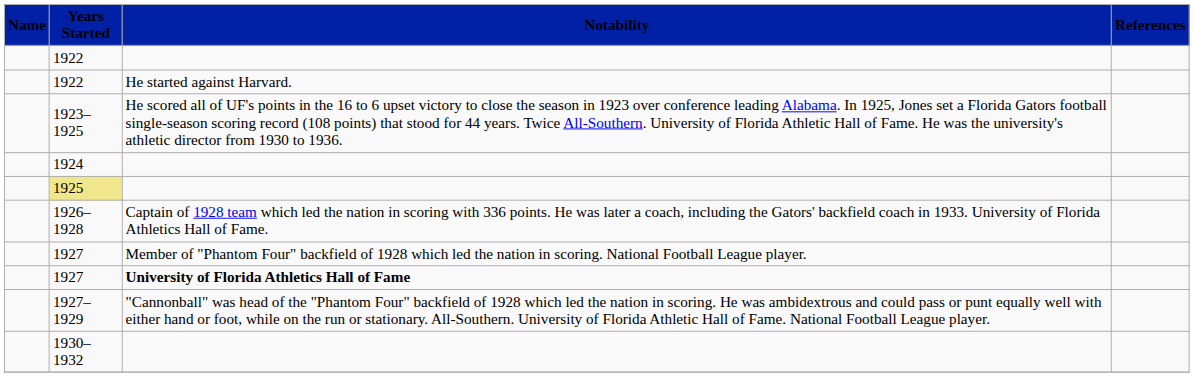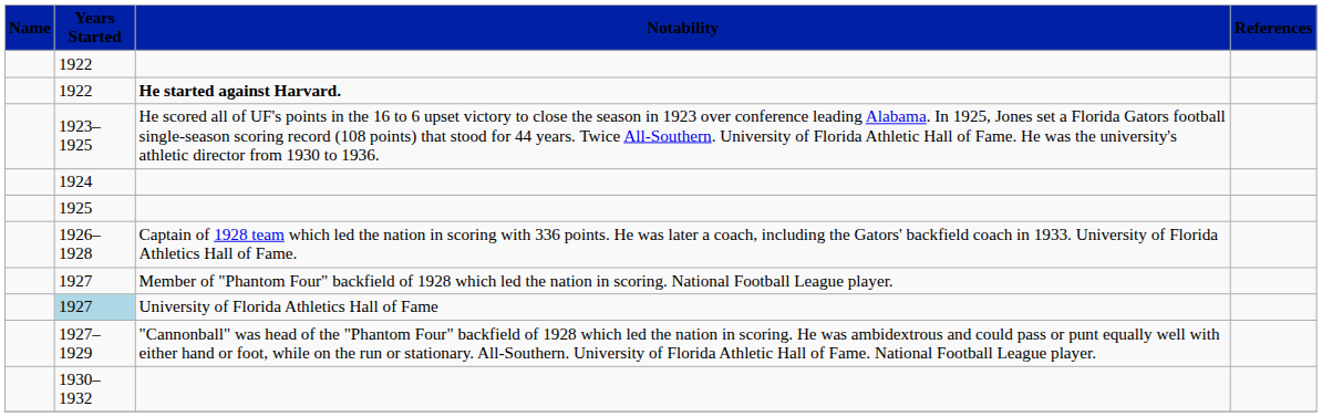 <table class="wikitable sortable" style="text-align:left;">
 <tr>
 <th style="background:#0021A5;"><span>Name</span></th>
 <th style="background:#0021A5;"><span>Years Started</span></th>
 <th style="background:#0021A5;"><span>Notability</span></th>
 <th style="background:#0021A5;"><span>References</span></th>
 </tr>
 <tr>
 <td></td>
 <td>1922</td>
 <td></td>
 <td></td>
 </tr>
 <tr>
 <td></td>
 <td>1922</td>
-<td>He started against Harvard.</td>
+<td><strong>He started against Harvard.</strong></td>
 <td></td>
 </tr>
 <tr>
 <td></td>
 <td>1923–1925</td>
 <td>He scored all of UF's points in the 16 to 6 upset victory to close the season in 1923 over conference leading <a href='#'>Alabama</a>. In 1925, Jones set a Florida Gators football single-season scoring record (108 points) that stood for 44 years. Twice <a href='#'>All-Southern</a>. University of Florida Athletic Hall of Fame. He was the university's athletic director from 1930 to 1936.</td>
 <td></td>
 </tr>
 <tr>
 <td></td>
 <td>1924</td>
 <td></td>
 <td></td>
 </tr>
 <tr>
 <td></td>
-<td style="background: khaki;">1925</td>
+<td>1925</td>
 <td></td>
 <td></td>
 </tr>
 <tr>
 <td></td>
 <td>1926–1928</td>
 <td>Captain of <a href='#'>1928 team</a> which led the nation in scoring with 336 points. He was later a coach, including the Gators' backfield coach in 1933. University of Florida Athletics Hall of Fame.</td>
 <td></td>
 </tr>
 <tr>
 <td></td>
 <td>1927</td>
 <td>Member of "Phantom Four" backfield of 1928 which led the nation in scoring. National Football League player.</td>
 <td></td>
 </tr>
 <tr>
 <td></td>
-<td>1927</td>
-<td><strong>University of Florida Athletics Hall of Fame</strong></td>
+<td style="background: lightblue;">1927</td>
+<td>University of Florida Athletics Hall of Fame</td>
 <td></td>
 </tr>
 <tr>
 <td></td>
 <td>1927–1929</td>
 <td>"Cannonball" was head of the "Phantom Four" backfield of 1928 which led the nation in scoring. He was ambidextrous and could pass or punt equally well with either hand or foot, while on the run or stationary. All-Southern. University of Florida Athletic Hall of Fame. National Football League player.</td>
 <td></td>
 </tr>
 <tr>
 <td></td>
 <td>1930–1932</td>
 <td></td>
 <td></td>
 </tr>
 <tr>
 </tr>
 </table>
